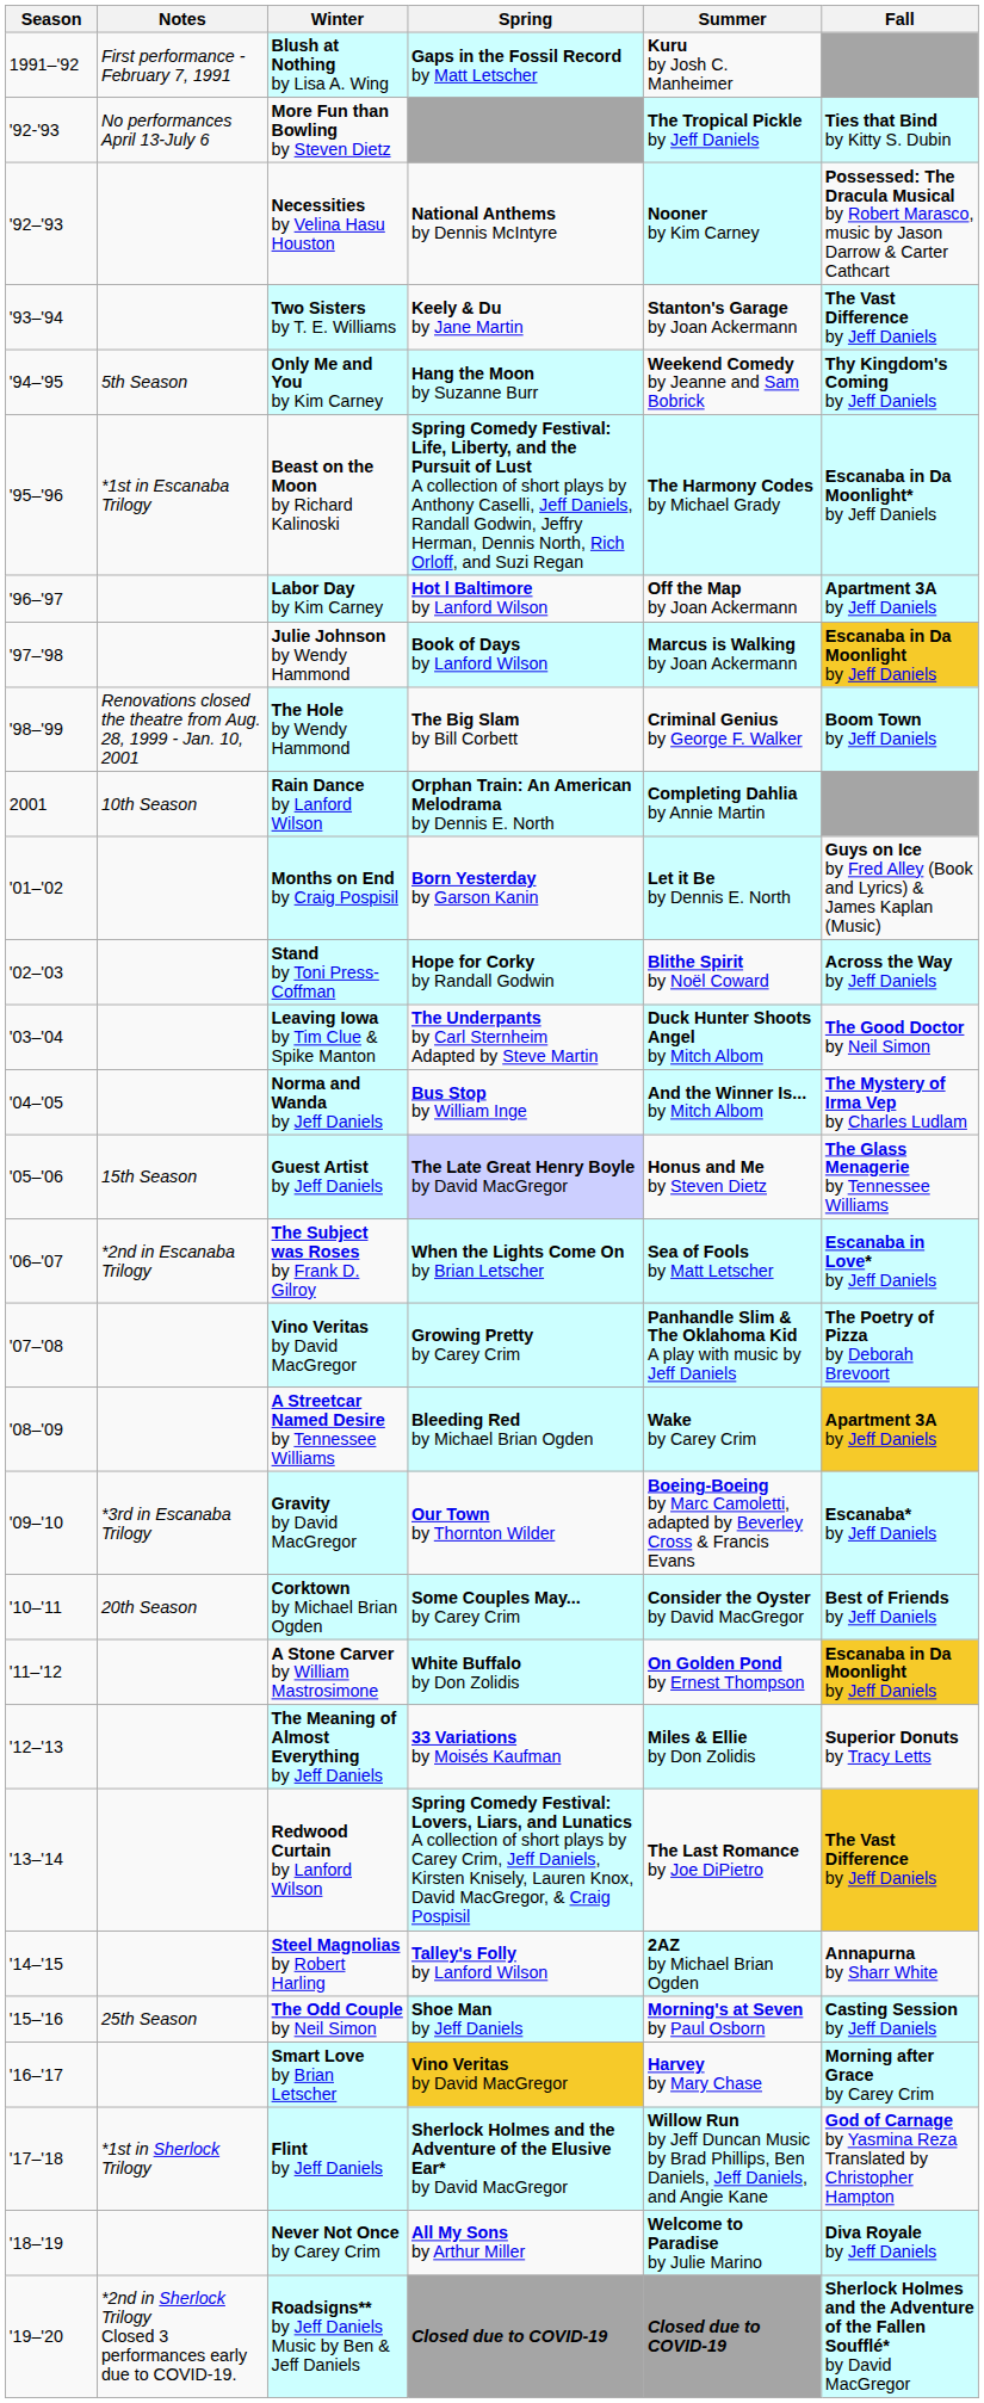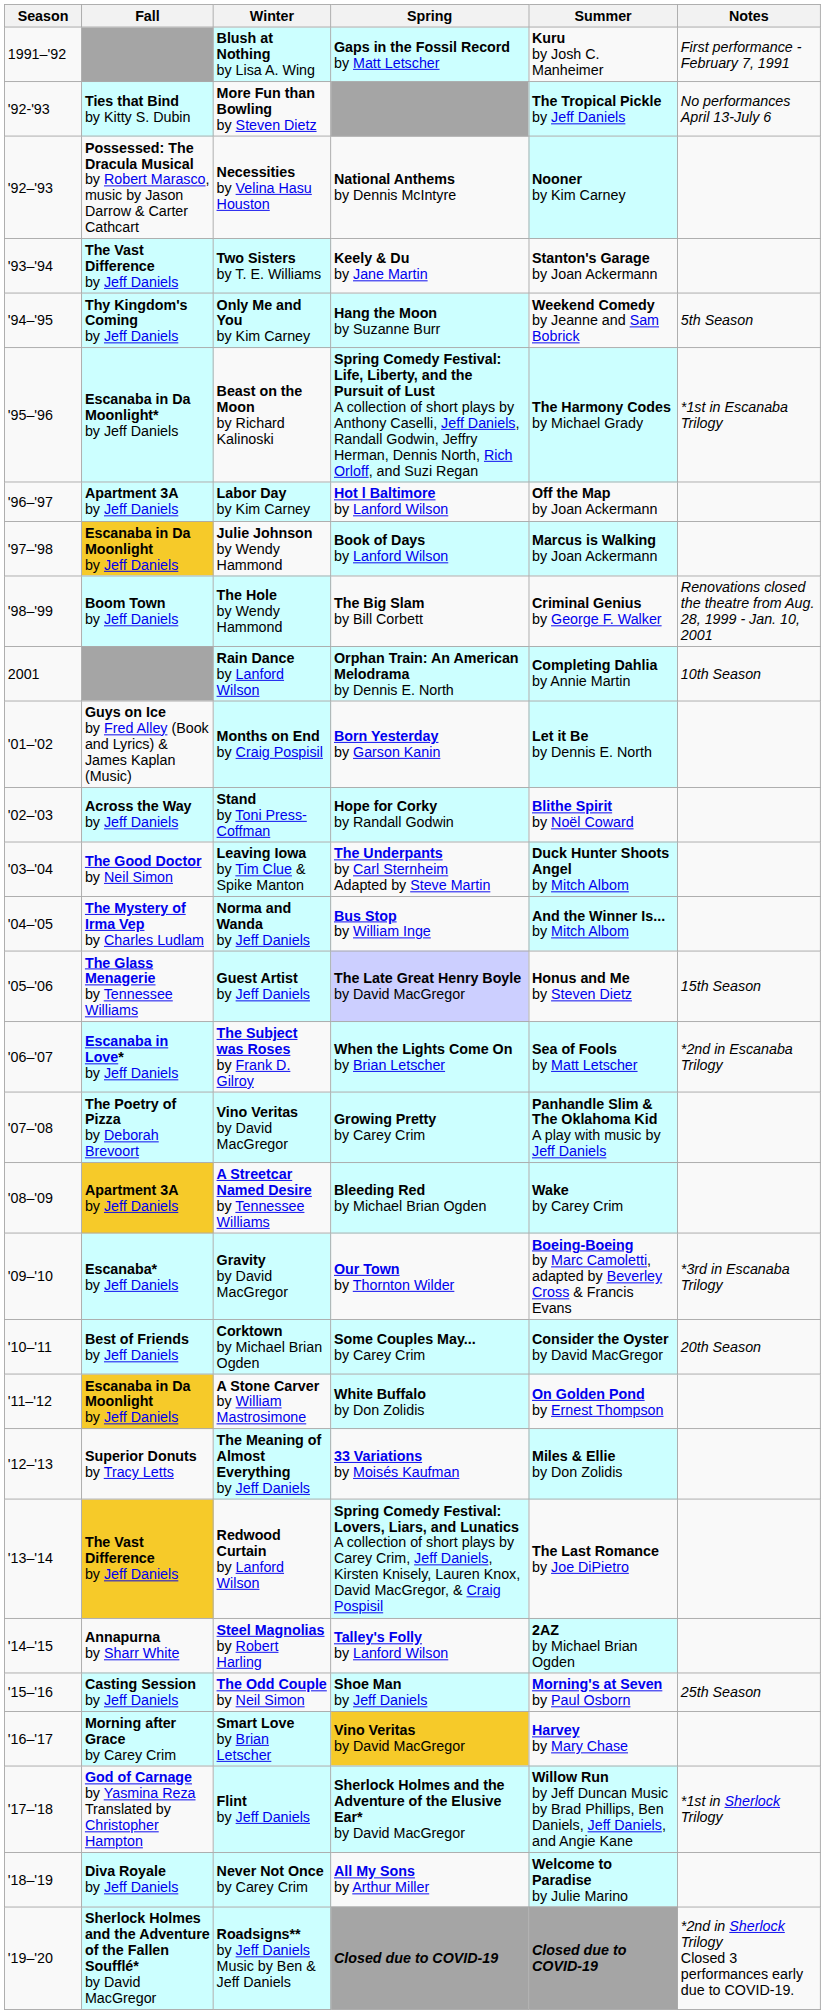 <table class="wikitable" style="font-size: 95%;">
 <tr>
 <th width="75">Season</th>
-<th>Notes</th>
+<th>Fall</th>
 <th>Winter</th>
 <th>Spring</th>
 <th>Summer</th>
-<th>Fall</th>
+<th>Notes</th>
 </tr>
 <tr>
 <td>1991–'92</td>
-<td><em>First performance - February 7, 1991</em></td>
+<td style="background:#a5a5a5"></td>
 <td style="background:#cff;"><strong>Blush at Nothing</strong><br>by Lisa A. Wing</td>
 <td style="background:#cff;"><strong>Gaps in the Fossil Record</strong><br>by <a href='#'>Matt Letscher</a></td>
 <td><strong>Kuru</strong><br>by Josh C. Manheimer</td>
-<td style="background:#a5a5a5"></td>
+<td><em>First performance - February 7, 1991</em></td>
 </tr>
 <tr>
 <td>'92-'93</td>
-<td><em>No performances April 13-July 6</em></td>
+<td style="background:#cff;"><strong>Ties that Bind</strong><br>by Kitty S. Dubin</td>
 <td><strong>More Fun than Bowling</strong><br>by <a href='#'>Steven Dietz</a></td>
 <td style="background:#a5a5a5"></td>
 <td style="background:#cff;"><strong>The Tropical Pickle</strong><br>by <a href='#'>Jeff Daniels</a></td>
-<td style="background:#cff;"><strong>Ties that Bind</strong><br>by Kitty S. Dubin</td>
+<td><em>No performances April 13-July 6</em></td>
 </tr>
 <tr>
 <td>'92–'93</td>
-<td></td>
+<td><strong>Possessed: The Dracula Musical</strong><br>by <a href='#'>Robert Marasco</a>, music by Jason Darrow & Carter Cathcart</td>
 <td><strong>Necessities</strong><br>by <a href='#'>Velina Hasu Houston</a></td>
 <td><strong>National Anthems</strong><br>by Dennis McIntyre</td>
 <td style="background:#cff;"><strong>Nooner</strong><br>by Kim Carney</td>
-<td><strong>Possessed: The Dracula Musical</strong><br>by <a href='#'>Robert Marasco</a>, music by Jason Darrow & Carter Cathcart</td>
+<td></td>
 </tr>
 <tr>
 <td>'93–'94</td>
-<td></td>
+<td style="background:#cff;"><strong>The Vast Difference</strong><br>by <a href='#'>Jeff Daniels</a></td>
 <td style="background:#cff;"><strong>Two Sisters</strong><br>by T. E. Williams</td>
 <td><strong>Keely & Du</strong><br>by <a href='#'>Jane Martin</a></td>
 <td><strong>Stanton's Garage</strong><br>by Joan Ackermann</td>
-<td style="background:#cff;"><strong>The Vast Difference</strong><br>by <a href='#'>Jeff Daniels</a></td>
+<td></td>
 </tr>
 <tr>
 <td>'94–'95</td>
-<td><em>5th Season</em></td>
+<td style="background:#cff;"><strong>Thy Kingdom's Coming</strong><br>by <a href='#'>Jeff Daniels</a></td>
 <td style="background:#cff;"><strong>Only Me and You</strong><br>by Kim Carney</td>
 <td style="background:#cff;"><strong>Hang the Moon</strong><br>by Suzanne Burr</td>
 <td><strong>Weekend Comedy</strong><br>by Jeanne and <a href='#'>Sam Bobrick</a></td>
-<td style="background:#cff;"><strong>Thy Kingdom's Coming</strong><br>by <a href='#'>Jeff Daniels</a></td>
+<td><em>5th Season</em></td>
 </tr>
 <tr>
 <td>'95–'96</td>
-<td><em>*1st in Escanaba Trilogy</em></td>
+<td style="background:#cff;"><strong>Escanaba in Da Moonlight*</strong><br>by Jeff Daniels</td>
 <td><strong>Beast on the Moon</strong><br>by Richard Kalinoski</td>
 <td style="background:#cff;"><strong>Spring Comedy Festival: Life, Liberty, and the Pursuit of Lust</strong><br>A collection of short plays by Anthony Caselli, <a href='#'>Jeff Daniels</a>, Randall Godwin, Jeffry Herman, Dennis North, <a href='#'>Rich Orloff</a>, and Suzi Regan</td>
 <td style="background:#cff;"><strong>The Harmony Codes</strong><br>by Michael Grady</td>
-<td style="background:#cff;"><strong>Escanaba in Da Moonlight*</strong><br>by Jeff Daniels</td>
+<td><em>*1st in Escanaba Trilogy</em></td>
 </tr>
 <tr>
 <td>'96–'97</td>
-<td></td>
+<td style="background:#cff;"><strong>Apartment 3A</strong><br>by <a href='#'>Jeff Daniels</a></td>
 <td style="background:#cff;"><strong>Labor Day</strong><br>by Kim Carney</td>
 <td><a href='#'><strong>Hot l Baltimore</strong></a><br>by <a href='#'>Lanford Wilson</a></td>
 <td><strong>Off the Map</strong><br>by Joan Ackermann</td>
-<td style="background:#cff;"><strong>Apartment 3A</strong><br>by <a href='#'>Jeff Daniels</a></td>
+<td></td>
 </tr>
 <tr>
 <td>'97–'98</td>
-<td></td>
+<td style="background:#F6CA29"><strong>Escanaba in Da Moonlight</strong><br>by <a href='#'>Jeff Daniels</a></td>
 <td><strong>Julie Johnson</strong><br>by Wendy Hammond</td>
 <td style="background:#cff;"><strong>Book of Days</strong><br>by <a href='#'>Lanford Wilson</a></td>
 <td style="background:#cff;"><strong>Marcus is Walking</strong><br>by Joan Ackermann</td>
-<td style="background:#F6CA29"><strong>Escanaba in Da Moonlight</strong><br>by <a href='#'>Jeff Daniels</a></td>
+<td></td>
 </tr>
 <tr>
 <td>'98–'99</td>
-<td><em>Renovations closed the theatre from Aug. 28, 1999 - Jan. 10, 2001</em></td>
+<td style="background:#cff;"><strong>Boom Town</strong><br>by <a href='#'>Jeff Daniels</a></td>
 <td style="background:#cff;"><strong>The Hole</strong><br>by Wendy Hammond</td>
 <td><strong>The Big Slam</strong><br>by Bill Corbett</td>
 <td><strong>Criminal Genius</strong><br>by <a href='#'>George F. Walker</a></td>
-<td style="background:#cff;"><strong>Boom Town</strong><br>by <a href='#'>Jeff Daniels</a></td>
+<td><em>Renovations closed the theatre from Aug. 28, 1999 - Jan. 10, 2001</em></td>
 </tr>
 <tr>
 <td>2001</td>
-<td><em>10th Season</em></td>
+<td style="background:#a5a5a5"></td>
 <td style="background:#cff;"><strong>Rain Dance</strong><br>by <a href='#'>Lanford Wilson</a></td>
 <td style="background:#cff;"><strong>Orphan Train: An American Melodrama</strong><br>by Dennis E. North</td>
 <td style="background:#cff;"><strong>Completing Dahlia</strong><br>by Annie Martin</td>
-<td style="background:#a5a5a5"></td>
+<td><em>10th Season</em></td>
 </tr>
 <tr>
 <td>'01–'02</td>
-<td></td>
+<td><strong>Guys on Ice</strong><br>by <a href='#'>Fred Alley</a> (Book and Lyrics) & James Kaplan (Music)</td>
 <td style="background:#cff;"><strong>Months on End</strong><br>by <a href='#'>Craig Pospisil</a></td>
 <td><a href='#'><strong>Born Yesterday</strong></a><br>by <a href='#'>Garson Kanin</a></td>
 <td style="background:#cff;"><strong>Let it Be</strong><br>by Dennis E. North</td>
-<td><strong>Guys on Ice</strong><br>by <a href='#'>Fred Alley</a> (Book and Lyrics) & James Kaplan (Music)</td>
+<td></td>
 </tr>
 <tr>
 <td>'02–'03</td>
-<td></td>
+<td style="background:#cff;"><strong>Across the Way</strong><br>by <a href='#'>Jeff Daniels</a></td>
 <td style="background:#cff;"><strong>Stand</strong><br>by <a href='#'>Toni Press-Coffman</a></td>
 <td style="background:#cff;"><strong>Hope for Corky</strong><br>by Randall Godwin</td>
 <td><a href='#'><strong>Blithe Spirit</strong></a><br>by <a href='#'>Noël Coward</a></td>
-<td style="background:#cff;"><strong>Across the Way</strong><br>by <a href='#'>Jeff Daniels</a></td>
+<td></td>
 </tr>
 <tr>
 <td>'03–'04</td>
-<td></td>
+<td><a href='#'><strong>The Good Doctor</strong></a><br>by <a href='#'>Neil Simon</a></td>
 <td style="background:#cff;"><strong>Leaving Iowa</strong><br>by <a href='#'>Tim Clue</a> & Spike Manton</td>
 <td><strong><a href='#'>The Underpants</a></strong><br>by <a href='#'>Carl Sternheim</a><br>Adapted by <a href='#'>Steve Martin</a></td>
 <td style="background:#cff;"><strong>Duck Hunter Shoots Angel</strong><br>by <a href='#'>Mitch Albom</a></td>
-<td><a href='#'><strong>The Good Doctor</strong></a><br>by <a href='#'>Neil Simon</a></td>
+<td></td>
 </tr>
 <tr>
 <td>'04–'05</td>
-<td></td>
+<td><strong><a href='#'>The Mystery of Irma Vep</a></strong><br>by <a href='#'>Charles Ludlam</a></td>
 <td style="background:#cff;"><strong>Norma and Wanda</strong><br>by <a href='#'>Jeff Daniels</a></td>
 <td><a href='#'><strong>Bus Stop</strong></a><br>by <a href='#'>William Inge</a></td>
 <td style="background:#cff;"><strong>And the Winner Is...</strong><br>by <a href='#'>Mitch Albom</a></td>
-<td><strong><a href='#'>The Mystery of Irma Vep</a></strong><br>by <a href='#'>Charles Ludlam</a></td>
+<td></td>
 </tr>
 <tr>
 <td>'05–'06</td>
-<td><em>15th Season</em></td>
+<td><strong><a href='#'>The Glass Menagerie</a></strong><br>by <a href='#'>Tennessee Williams</a></td>
 <td style="background:#cff;"><strong>Guest Artist</strong><br>by <a href='#'>Jeff Daniels</a></td>
 <td style="background:#CCCFFF"><strong>The Late Great Henry Boyle</strong><br>by David MacGregor</td>
 <td><strong>Honus and Me</strong><br>by <a href='#'>Steven Dietz</a></td>
-<td><strong><a href='#'>The Glass Menagerie</a></strong><br>by <a href='#'>Tennessee Williams</a></td>
+<td><em>15th Season</em></td>
 </tr>
 <tr>
 <td>'06–'07</td>
-<td><em>*2nd in Escanaba Trilogy</em></td>
+<td style="background:#cff;"><strong><a href='#'>Escanaba in Love</a>*</strong><br>by <a href='#'>Jeff Daniels</a></td>
 <td><a href='#'><strong>The Subject was Roses</strong></a><br>by <a href='#'>Frank D. Gilroy</a></td>
 <td style="background:#cff;"><strong>When the Lights Come On</strong><br>by <a href='#'>Brian Letscher</a></td>
 <td style="background:#cff;"><strong>Sea of Fools</strong><br>by <a href='#'>Matt Letscher</a></td>
-<td style="background:#cff;"><strong><a href='#'>Escanaba in Love</a>*</strong><br>by <a href='#'>Jeff Daniels</a></td>
+<td><em>*2nd in Escanaba Trilogy</em></td>
 </tr>
 <tr>
 <td>'07–'08</td>
-<td></td>
+<td style="background:#cff;"><strong>The Poetry of Pizza</strong><br>by <a href='#'>Deborah Brevoort</a></td>
 <td style="background:#cff;"><strong>Vino Veritas</strong><br>by David MacGregor</td>
 <td style="background:#cff;"><strong>Growing Pretty</strong><br>by Carey Crim</td>
 <td style="background:#cff;"><strong>Panhandle Slim & The Oklahoma Kid</strong><br>A play with music by <a href='#'>Jeff Daniels</a></td>
-<td style="background:#cff;"><strong>The Poetry of Pizza</strong><br>by <a href='#'>Deborah Brevoort</a></td>
+<td></td>
 </tr>
 <tr>
 <td>'08–'09</td>
-<td></td>
+<td style="background:#F6CA29"><strong>Apartment 3A</strong><br>by <a href='#'>Jeff Daniels</a></td>
 <td><strong><a href='#'>A Streetcar Named Desire</a></strong><br>by <a href='#'>Tennessee Williams</a></td>
 <td style="background:#cff;"><strong>Bleeding Red</strong><br>by Michael Brian Ogden</td>
 <td style="background:#cff;"><strong>Wake</strong><br>by Carey Crim</td>
-<td style="background:#F6CA29"><strong>Apartment 3A</strong><br>by <a href='#'>Jeff Daniels</a></td>
+<td></td>
 </tr>
 <tr>
 <td>'09–'10</td>
-<td><em>*3rd in Escanaba Trilogy</em></td>
+<td style="background:#cff;"><strong>Escanaba*</strong><br>by <a href='#'>Jeff Daniels</a></td>
 <td style="background:#cff;"><strong>Gravity</strong><br>by David MacGregor</td>
 <td><strong><a href='#'>Our Town</a></strong><br>by <a href='#'>Thornton Wilder</a></td>
 <td><a href='#'><strong>Boeing-Boeing</strong></a><br>by <a href='#'>Marc Camoletti</a>, adapted by <a href='#'>Beverley Cross</a> & Francis Evans</td>
-<td style="background:#cff;"><strong>Escanaba*</strong><br>by <a href='#'>Jeff Daniels</a></td>
+<td><em>*3rd in Escanaba Trilogy</em></td>
 </tr>
 <tr>
 <td>'10–'11</td>
-<td><em>20th Season</em></td>
+<td style="background:#cff;"><strong>Best of Friends</strong><br>by <a href='#'>Jeff Daniels</a></td>
 <td style="background:#cff;"><strong>Corktown</strong><br>by Michael Brian Ogden</td>
 <td style="background:#cff;"><strong>Some Couples May...</strong><br>by Carey Crim</td>
 <td style="background:#cff;"><strong>Consider the Oyster</strong><br>by David MacGregor</td>
-<td style="background:#cff;"><strong>Best of Friends</strong><br>by <a href='#'>Jeff Daniels</a></td>
+<td><em>20th Season</em></td>
 </tr>
 <tr>
 <td>'11–'12</td>
-<td></td>
+<td style="background:#F6CA29"><strong>Escanaba in Da Moonlight</strong><br>by <a href='#'>Jeff Daniels</a></td>
 <td><strong>A Stone Carver</strong><br>by <a href='#'>William Mastrosimone</a></td>
 <td style="background:#cff;"><strong>White Buffalo</strong><br>by Don Zolidis</td>
 <td><a href='#'><strong>On Golden Pond</strong></a><br>by <a href='#'>Ernest Thompson</a></td>
-<td style="background:#F6CA29"><strong>Escanaba in Da Moonlight</strong><br>by <a href='#'>Jeff Daniels</a></td>
+<td></td>
 </tr>
 <tr>
 <td>'12–'13</td>
-<td></td>
+<td><strong>Superior Donuts</strong><br>by <a href='#'>Tracy Letts</a></td>
 <td style="background:#cff;"><strong>The Meaning of Almost Everything</strong><br>by <a href='#'>Jeff Daniels</a></td>
 <td><strong><a href='#'>33 Variations</a></strong><br>by <a href='#'>Moisés Kaufman</a></td>
 <td style="background:#cff;"><strong>Miles & Ellie</strong><br>by Don Zolidis</td>
-<td><strong>Superior Donuts</strong><br>by <a href='#'>Tracy Letts</a></td>
+<td></td>
 </tr>
 <tr>
 <td>'13–'14</td>
-<td></td>
+<td style="background:#F6CA29"><strong>The Vast Difference</strong><br>by <a href='#'>Jeff Daniels</a></td>
 <td><strong>Redwood Curtain</strong><br>by <a href='#'>Lanford Wilson</a></td>
 <td style="background:#cff;"><strong>Spring Comedy Festival: Lovers, Liars, and Lunatics</strong><br>A collection of short plays by Carey Crim, <a href='#'>Jeff Daniels</a>, Kirsten Knisely, Lauren Knox, David MacGregor, & <a href='#'>Craig Pospisil</a></td>
 <td><strong>The Last Romance</strong><br>by <a href='#'>Joe DiPietro</a></td>
-<td style="background:#F6CA29"><strong>The Vast Difference</strong><br>by <a href='#'>Jeff Daniels</a></td>
+<td></td>
 </tr>
 <tr>
 <td>'14–'15</td>
-<td></td>
+<td><strong>Annapurna</strong><br>by <a href='#'>Sharr White</a></td>
 <td><a href='#'><strong>Steel Magnolias</strong></a><br>by <a href='#'>Robert Harling</a></td>
 <td><strong><a href='#'>Talley's Folly</a></strong><br>by <a href='#'>Lanford Wilson</a></td>
 <td style="background:#cff;"><strong>2AZ</strong><br>by Michael Brian Ogden</td>
-<td><strong>Annapurna</strong><br>by <a href='#'>Sharr White</a></td>
+<td></td>
 </tr>
 <tr>
 <td>'15–'16</td>
-<td><em>25th Season</em></td>
+<td style="background:#cff;"><strong>Casting Session</strong><br>by <a href='#'>Jeff Daniels</a></td>
 <td><a href='#'><strong>The Odd Couple</strong></a><br>by <a href='#'>Neil Simon</a></td>
 <td style="background:#cff;"><strong>Shoe Man</strong><br>by <a href='#'>Jeff Daniels</a></td>
 <td><strong><a href='#'>Morning's at Seven</a></strong><br>by <a href='#'>Paul Osborn</a></td>
-<td style="background:#cff;"><strong>Casting Session</strong><br>by <a href='#'>Jeff Daniels</a></td>
+<td><em>25th Season</em></td>
 </tr>
 <tr>
 <td>'16–'17</td>
-<td></td>
+<td style="background:#cff;"><strong>Morning after Grace</strong><br>by Carey Crim</td>
 <td style="background:#cff;"><strong>Smart Love</strong><br>by <a href='#'>Brian Letscher</a></td>
 <td style="background:#F6CA29"><strong>Vino Veritas</strong><br>by David MacGregor</td>
 <td><a href='#'><strong>Harvey</strong></a><br>by <a href='#'>Mary Chase</a></td>
-<td style="background:#cff;"><strong>Morning after Grace</strong><br>by Carey Crim</td>
+<td></td>
 </tr>
 <tr>
 <td>'17–'18</td>
-<td><em>*1st in <a href='#'>Sherlock</a> Trilogy</em></td>
+<td><strong><a href='#'>God of Carnage</a></strong><br>by <a href='#'>Yasmina Reza</a><br>Translated by <a href='#'>Christopher Hampton</a></td>
 <td style="background:#cff;"><strong>Flint</strong><br>by <a href='#'>Jeff Daniels</a></td>
 <td style="background:#cff;"><strong>Sherlock Holmes and the Adventure of the Elusive Ear*</strong><br>by David MacGregor</td>
 <td style="background:#cff;"><strong>Willow Run</strong><br>by Jeff Duncan Music by Brad Phillips, Ben Daniels, <a href='#'>Jeff Daniels</a>, and Angie Kane</td>
-<td><strong><a href='#'>God of Carnage</a></strong><br>by <a href='#'>Yasmina Reza</a><br>Translated by <a href='#'>Christopher Hampton</a></td>
+<td><em>*1st in <a href='#'>Sherlock</a> Trilogy</em></td>
 </tr>
 <tr>
 <td>'18–'19</td>
-<td></td>
+<td style="background:#cff;"><strong>Diva Royale</strong><br>by <a href='#'>Jeff Daniels</a></td>
 <td style="background:#cff;"><strong>Never Not Once</strong><br>by Carey Crim</td>
 <td><strong><a href='#'>All My Sons</a></strong><br>by <a href='#'>Arthur Miller</a></td>
 <td style="background:#cff;"><strong>Welcome to Paradise</strong><br>by Julie Marino</td>
-<td style="background:#cff;"><strong>Diva Royale</strong><br>by <a href='#'>Jeff Daniels</a></td>
+<td></td>
 </tr>
 <tr>
 <td>'19–'20</td>
-<td><em>*2nd in <a href='#'>Sherlock</a> Trilogy</em><br>Closed 3 performances early due to COVID-19.</td>
+<td style="background:#cff;"><strong>Sherlock Holmes and the Adventure of the Fallen Soufflé*</strong><br>by David MacGregor</td>
 <td style="background:#cff;"><strong>Roadsigns**</strong><br>by <a href='#'>Jeff Daniels</a><br>Music by Ben & Jeff Daniels</td>
 <td style="background:#a5a5a5;"><strong><em>Closed due to COVID-19</em></strong></td>
 <td style="background:#a5a5a5;"><strong><em>Closed due to COVID-19</em></strong></td>
-<td style="background:#cff;"><strong>Sherlock Holmes and the Adventure of the Fallen Soufflé*</strong><br>by David MacGregor</td>
+<td><em>*2nd in <a href='#'>Sherlock</a> Trilogy</em><br>Closed 3 performances early due to COVID-19.</td>
 </tr>
 </table>
